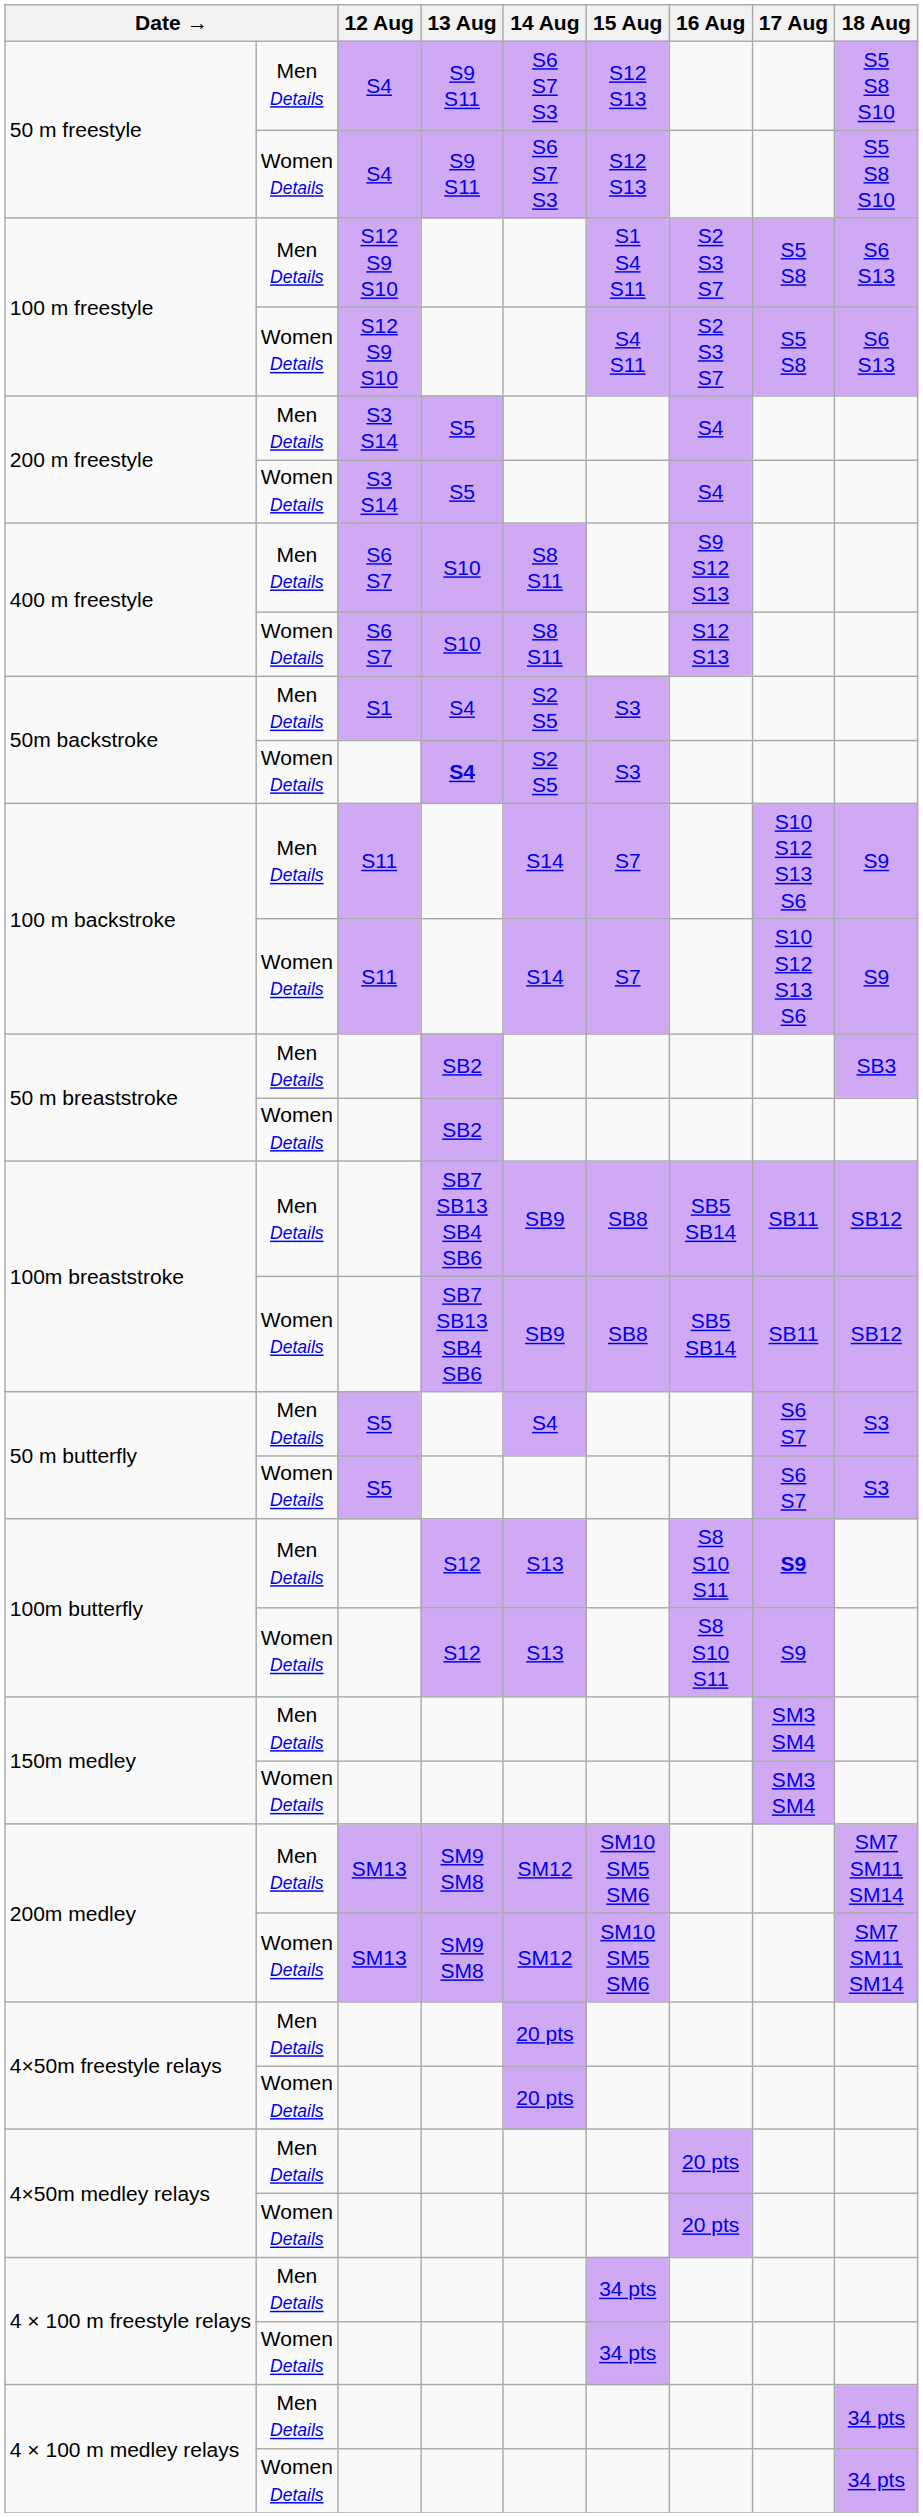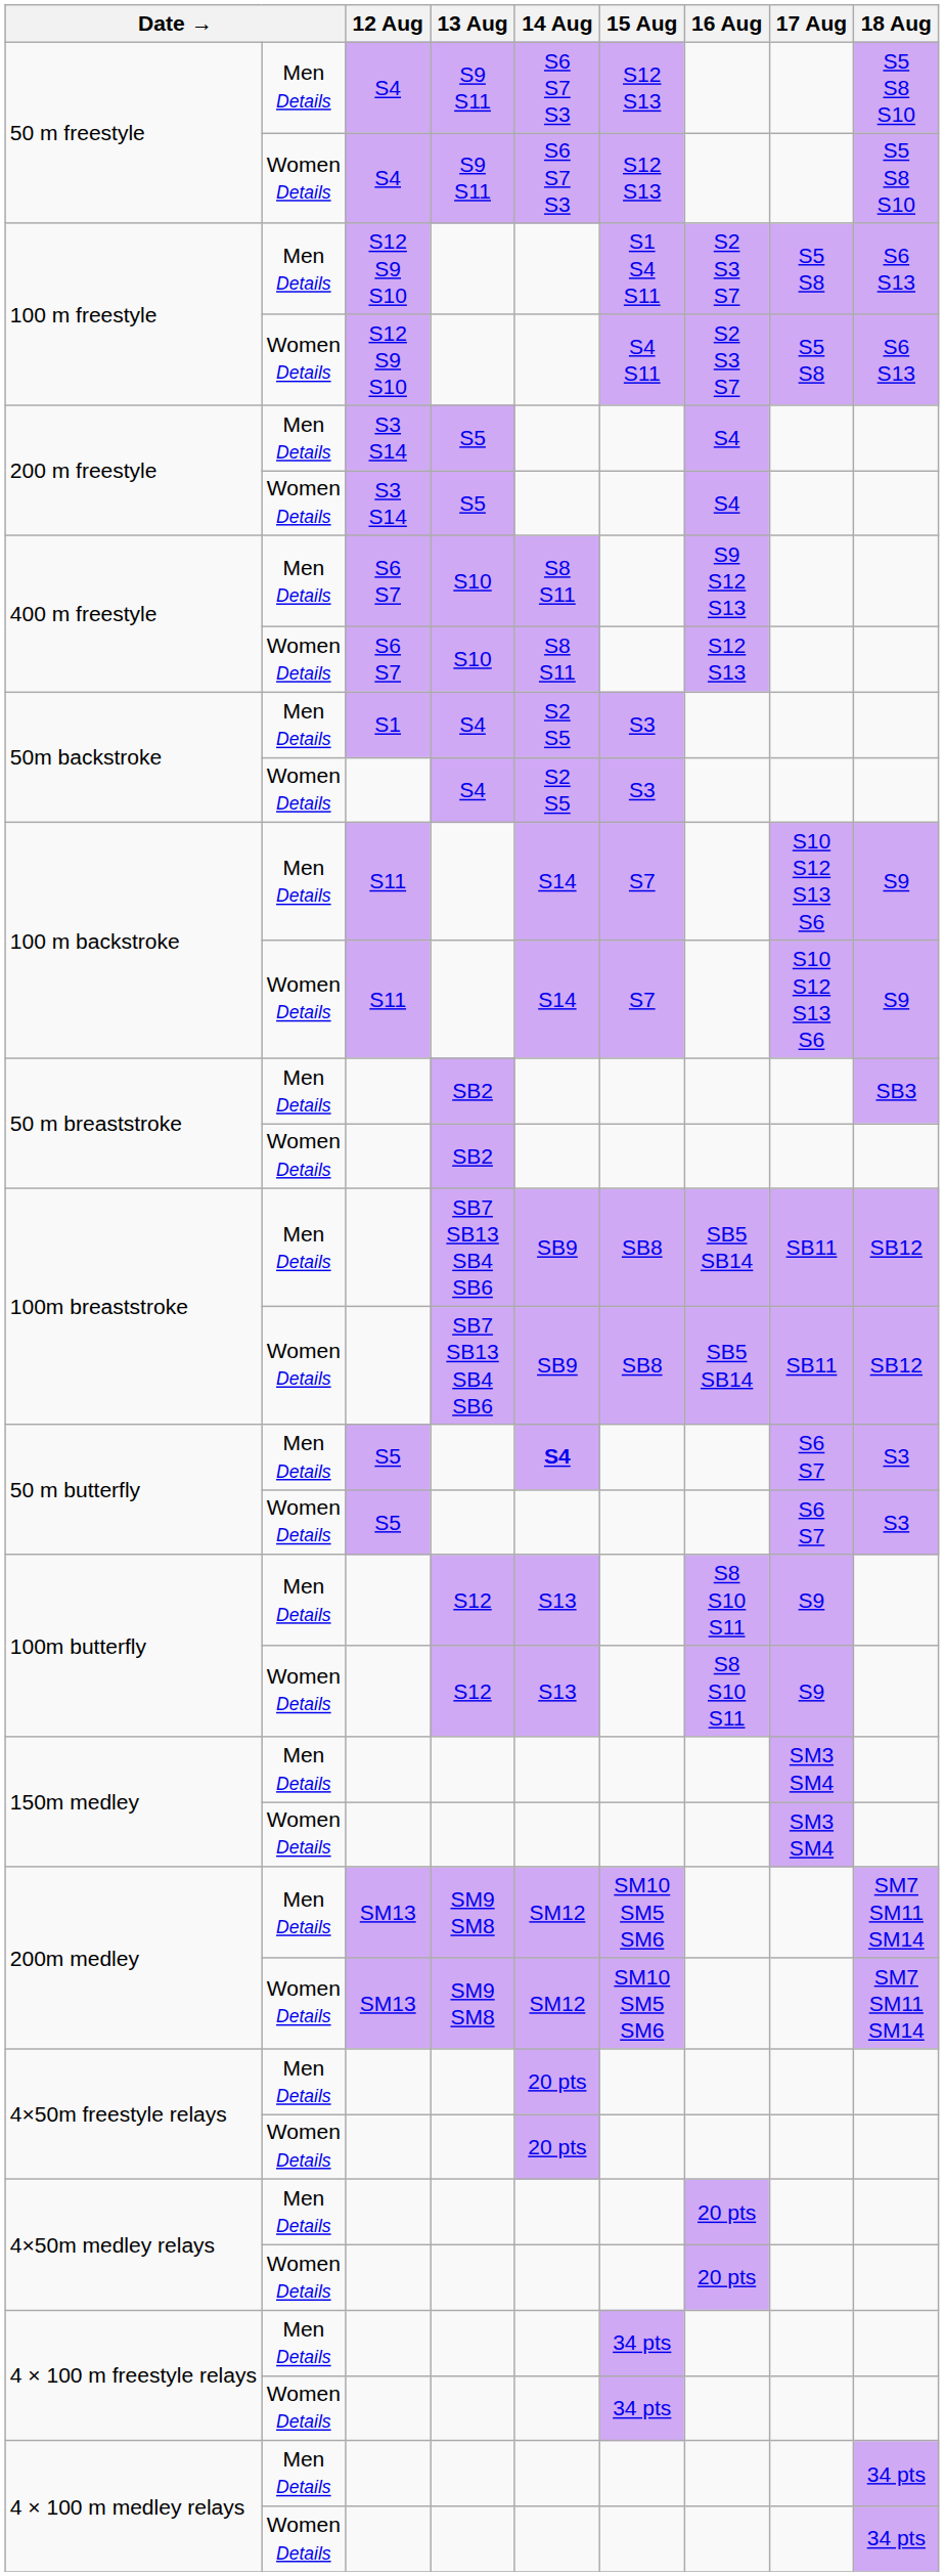 <table class="wikitable" style="margin:0.5em auto; font-size:90%; line-height:1.25em;">
 <tr align="center">
 <th colspan="2">Date →</th>
 <th width="50px">12 Aug</th>
 <th width="50px">13 Aug</th>
 <th width="50px">14 Aug</th>
 <th width="50px">15 Aug</th>
 <th width="50px">16 Aug</th>
 <th width="50px">17 Aug</th>
 <th width="50px">18 Aug</th>
 </tr>
 <tr align="center">
 <td align="left" rowspan="2">50 m freestyle</td>
 <td>Men<br><small><em><a href='#'>Details</a></em></small></td>
 <td bgcolor="#D0A9F5"><a href='#'>S4</a></td>
 <td bgcolor="#D0A9F5"><a href='#'>S9</a><br><a href='#'>S11</a></td>
 <td bgcolor="#D0A9F5"><a href='#'>S6</a><br><a href='#'>S7</a><br><a href='#'>S3</a></td>
 <td bgcolor="#D0A9F5"><a href='#'>S12</a><br><a href='#'>S13</a></td>
 <td></td>
 <td></td>
 <td bgcolor="#D0A9F5"><a href='#'>S5</a><br><a href='#'>S8</a><br><a href='#'>S10</a></td>
 </tr>
 <tr align="center">
 <td>Women<br><small><em><a href='#'>Details</a></em></small></td>
 <td bgcolor="#D0A9F5"><a href='#'>S4</a></td>
 <td bgcolor="#D0A9F5"><a href='#'>S9</a><br><a href='#'>S11</a></td>
 <td bgcolor="#D0A9F5"><a href='#'>S6</a><br><a href='#'>S7</a><br><a href='#'>S3</a></td>
 <td bgcolor="#D0A9F5"><a href='#'>S12</a><br><a href='#'>S13</a></td>
 <td></td>
 <td></td>
 <td bgcolor="#D0A9F5"><a href='#'>S5</a><br><a href='#'>S8</a><br><a href='#'>S10</a></td>
 </tr>
 <tr align="center">
 <td align="left" rowspan="2">100 m freestyle</td>
 <td>Men<br><small><em><a href='#'>Details</a></em></small></td>
 <td bgcolor="#D0A9F5"><a href='#'>S12</a><br><a href='#'>S9</a><br><a href='#'>S10</a></td>
 <td></td>
 <td></td>
 <td bgcolor="#D0A9F5"><a href='#'>S1</a><br><a href='#'>S4</a><br><a href='#'>S11</a></td>
 <td bgcolor="#D0A9F5"><a href='#'>S2</a><br><a href='#'>S3</a><br><a href='#'>S7</a></td>
 <td bgcolor="#D0A9F5"><a href='#'>S5</a><br><a href='#'>S8</a></td>
 <td bgcolor="#D0A9F5"><a href='#'>S6</a><br><a href='#'>S13</a></td>
 </tr>
 <tr align="center">
 <td>Women<br><small><em><a href='#'>Details</a></em></small></td>
 <td bgcolor="#D0A9F5"><a href='#'>S12</a><br><a href='#'>S9</a><br><a href='#'>S10</a></td>
 <td></td>
 <td></td>
 <td bgcolor="#D0A9F5"><a href='#'>S4</a><br><a href='#'>S11</a></td>
 <td bgcolor="#D0A9F5"><a href='#'>S2</a><br><a href='#'>S3</a><br><a href='#'>S7</a></td>
 <td bgcolor="#D0A9F5"><a href='#'>S5</a><br><a href='#'>S8</a></td>
 <td bgcolor="#D0A9F5"><a href='#'>S6</a><br><a href='#'>S13</a></td>
 </tr>
 <tr align="center">
 <td align="left" rowspan="2">200 m freestyle</td>
 <td>Men<br><small><em><a href='#'>Details</a></em></small></td>
 <td bgcolor="#D0A9F5"><a href='#'>S3</a><br><a href='#'>S14</a></td>
 <td bgcolor="#D0A9F5"><a href='#'>S5</a></td>
 <td></td>
 <td></td>
 <td bgcolor="#D0A9F5"><a href='#'>S4</a></td>
 <td></td>
 <td></td>
 </tr>
 <tr align="center">
 <td>Women<br><small><em><a href='#'>Details</a></em></small></td>
 <td bgcolor="#D0A9F5"><a href='#'>S3</a><br><a href='#'>S14</a></td>
 <td bgcolor="#D0A9F5"><a href='#'>S5</a></td>
 <td></td>
 <td></td>
 <td bgcolor="#D0A9F5"><a href='#'>S4</a></td>
 <td></td>
 <td></td>
 </tr>
 <tr align="center">
 <td align="left" rowspan="2">400 m freestyle</td>
 <td>Men<br><small><em><a href='#'>Details</a></em></small></td>
 <td bgcolor="#D0A9F5"><a href='#'>S6</a><br><a href='#'>S7</a></td>
 <td bgcolor="#D0A9F5"><a href='#'>S10</a></td>
 <td bgcolor="#D0A9F5"><a href='#'>S8</a><br><a href='#'>S11</a></td>
 <td></td>
 <td bgcolor="#D0A9F5"><a href='#'>S9</a><br><a href='#'>S12</a><br><a href='#'>S13</a></td>
 <td></td>
 <td></td>
 </tr>
 <tr align="center">
 <td>Women<br><small><em><a href='#'>Details</a></em></small></td>
 <td bgcolor="#D0A9F5"><a href='#'>S6</a><br><a href='#'>S7</a></td>
 <td bgcolor="#D0A9F5"><a href='#'>S10</a></td>
 <td bgcolor="#D0A9F5"><a href='#'>S8</a><br><a href='#'>S11</a></td>
 <td></td>
 <td bgcolor="#D0A9F5"><a href='#'>S12</a><br><a href='#'>S13</a></td>
 <td></td>
 <td></td>
 </tr>
 <tr align="center">
 <td align="left" rowspan="2">50m backstroke</td>
 <td>Men<br><small><em><a href='#'>Details</a></em></small></td>
 <td bgcolor="#D0A9F5"><a href='#'>S1</a></td>
 <td bgcolor="#D0A9F5"><a href='#'>S4</a></td>
 <td bgcolor="#D0A9F5"><a href='#'>S2</a><br><a href='#'>S5</a></td>
 <td bgcolor="#D0A9F5"><a href='#'>S3</a></td>
 <td></td>
 <td></td>
 <td></td>
 </tr>
 <tr align="center">
 <td>Women<br><small><em><a href='#'>Details</a></em></small></td>
 <td></td>
-<td bgcolor="#D0A9F5"><strong><a href='#'>S4</a></strong></td>
+<td bgcolor="#D0A9F5"><a href='#'>S4</a></td>
 <td bgcolor="#D0A9F5"><a href='#'>S2</a><br><a href='#'>S5</a></td>
 <td bgcolor="#D0A9F5"><a href='#'>S3</a></td>
 <td></td>
 <td></td>
 <td></td>
 </tr>
 <tr align="center">
 <td align="left" rowspan="2">100 m backstroke</td>
 <td>Men<br><small><em><a href='#'>Details</a></em></small></td>
 <td bgcolor="#D0A9F5"><a href='#'>S11</a></td>
 <td></td>
 <td bgcolor="#D0A9F5"><a href='#'>S14</a></td>
 <td bgcolor="#D0A9F5"><a href='#'>S7</a></td>
 <td></td>
 <td bgcolor="#D0A9F5"><a href='#'>S10</a><br><a href='#'>S12</a><br><a href='#'>S13</a><br><a href='#'>S6</a></td>
 <td bgcolor="#D0A9F5"><a href='#'>S9</a></td>
 </tr>
 <tr align="center">
 <td>Women<br><small><em><a href='#'>Details</a></em></small></td>
 <td bgcolor="#D0A9F5"><a href='#'>S11</a></td>
 <td></td>
 <td bgcolor="#D0A9F5"><a href='#'>S14</a></td>
 <td bgcolor="#D0A9F5"><a href='#'>S7</a></td>
 <td></td>
 <td bgcolor="#D0A9F5"><a href='#'>S10</a><br><a href='#'>S12</a><br><a href='#'>S13</a><br><a href='#'>S6</a></td>
 <td bgcolor="#D0A9F5"><a href='#'>S9</a></td>
 </tr>
 <tr align="center">
 <td align="left" rowspan="2">50 m breaststroke</td>
 <td>Men<br><small><em><a href='#'>Details</a></em></small></td>
 <td></td>
 <td bgcolor="#D0A9F5"><a href='#'>SB2</a></td>
 <td></td>
 <td></td>
 <td></td>
 <td></td>
 <td bgcolor="#D0A9F5"><a href='#'>SB3</a></td>
 </tr>
 <tr align="center">
 <td>Women<br><small><em><a href='#'>Details</a></em></small></td>
 <td></td>
 <td bgcolor="#D0A9F5"><a href='#'>SB2</a></td>
 <td></td>
 <td></td>
 <td></td>
 <td></td>
 <td></td>
 </tr>
 <tr align="center">
 <td align="left" rowspan="2">100m breaststroke</td>
 <td>Men<br><small><em><a href='#'>Details</a></em></small></td>
 <td></td>
 <td bgcolor="#D0A9F5"><a href='#'>SB7</a><br><a href='#'>SB13</a><br><a href='#'>SB4</a><br><a href='#'>SB6</a></td>
 <td bgcolor="#D0A9F5"><a href='#'>SB9</a></td>
 <td bgcolor="#D0A9F5"><a href='#'>SB8</a></td>
 <td bgcolor="#D0A9F5"><a href='#'>SB5</a><br><a href='#'>SB14</a></td>
 <td bgcolor="#D0A9F5"><a href='#'>SB11</a></td>
 <td bgcolor="#D0A9F5"><a href='#'>SB12</a></td>
 </tr>
 <tr align="center">
 <td>Women<br><small><em><a href='#'>Details</a></em></small></td>
 <td></td>
 <td bgcolor="#D0A9F5"><a href='#'>SB7</a><br><a href='#'>SB13</a><br><a href='#'>SB4</a><br><a href='#'>SB6</a></td>
 <td bgcolor="#D0A9F5"><a href='#'>SB9</a></td>
 <td bgcolor="#D0A9F5"><a href='#'>SB8</a></td>
 <td bgcolor="#D0A9F5"><a href='#'>SB5</a><br><a href='#'>SB14</a></td>
 <td bgcolor="#D0A9F5"><a href='#'>SB11</a></td>
 <td bgcolor="#D0A9F5"><a href='#'>SB12</a></td>
 </tr>
 <tr align="center">
 <td align="left" rowspan="2">50 m butterfly</td>
 <td>Men<br><small><em><a href='#'>Details</a></em></small></td>
 <td bgcolor="#D0A9F5"><a href='#'>S5</a></td>
 <td></td>
-<td bgcolor="#D0A9F5"><a href='#'>S4</a></td>
+<td bgcolor="#D0A9F5"><strong><a href='#'>S4</a></strong></td>
 <td></td>
 <td></td>
 <td bgcolor="#D0A9F5"><a href='#'>S6</a><br><a href='#'>S7</a></td>
 <td bgcolor="#D0A9F5"><a href='#'>S3</a></td>
 </tr>
 <tr align="center">
 <td>Women<br><small><em><a href='#'>Details</a></em></small></td>
 <td bgcolor="#D0A9F5"><a href='#'>S5</a></td>
 <td></td>
 <td></td>
 <td></td>
 <td></td>
 <td bgcolor="#D0A9F5"><a href='#'>S6</a><br><a href='#'>S7</a></td>
 <td bgcolor="#D0A9F5"><a href='#'>S3</a></td>
 </tr>
 <tr align="center">
 <td align="left" rowspan="2">100m butterfly</td>
 <td>Men<br><small><em><a href='#'>Details</a></em></small></td>
 <td></td>
 <td bgcolor="#D0A9F5"><a href='#'>S12</a></td>
 <td bgcolor="#D0A9F5"><a href='#'>S13</a></td>
 <td></td>
 <td bgcolor="#D0A9F5"><a href='#'>S8</a><br><a href='#'>S10</a><br><a href='#'>S11</a></td>
-<td bgcolor="#D0A9F5"><strong><a href='#'>S9</a></strong></td>
+<td bgcolor="#D0A9F5"><a href='#'>S9</a></td>
 <td></td>
 </tr>
 <tr align="center">
 <td>Women<br><small><em><a href='#'>Details</a></em></small></td>
 <td></td>
 <td bgcolor="#D0A9F5"><a href='#'>S12</a></td>
 <td bgcolor="#D0A9F5"><a href='#'>S13</a></td>
 <td></td>
 <td bgcolor="#D0A9F5"><a href='#'>S8</a><br><a href='#'>S10</a><br><a href='#'>S11</a></td>
 <td bgcolor="#D0A9F5"><a href='#'>S9</a></td>
 <td></td>
 </tr>
 <tr align="center">
 <td align="left" rowspan="2">150m medley</td>
 <td>Men<br><small><em><a href='#'>Details</a></em></small></td>
 <td></td>
 <td></td>
 <td></td>
 <td></td>
 <td></td>
 <td bgcolor="#D0A9F5"><a href='#'>SM3</a><br><a href='#'>SM4</a></td>
 <td></td>
 </tr>
 <tr align="center">
 <td>Women<br><small><em><a href='#'>Details</a></em></small></td>
 <td></td>
 <td></td>
 <td></td>
 <td></td>
 <td></td>
 <td bgcolor="#D0A9F5"><a href='#'>SM3</a><br><a href='#'>SM4</a></td>
 <td></td>
 </tr>
 <tr align="center">
 <td align="left" rowspan="2">200m medley</td>
 <td>Men<br><small><em><a href='#'>Details</a></em></small></td>
 <td bgcolor="#D0A9F5"><a href='#'>SM13</a></td>
 <td bgcolor="#D0A9F5"><a href='#'>SM9</a><br><a href='#'>SM8</a></td>
 <td bgcolor="#D0A9F5"><a href='#'>SM12</a></td>
 <td bgcolor="#D0A9F5"><a href='#'>SM10</a><br><a href='#'>SM5</a><br><a href='#'>SM6</a></td>
 <td></td>
 <td></td>
 <td bgcolor="#D0A9F5"><a href='#'>SM7</a><br><a href='#'>SM11</a><br><a href='#'>SM14</a></td>
 </tr>
 <tr align="center">
 <td>Women<br><small><em><a href='#'>Details</a></em></small></td>
 <td bgcolor="#D0A9F5"><a href='#'>SM13</a></td>
 <td bgcolor="#D0A9F5"><a href='#'>SM9</a><br><a href='#'>SM8</a></td>
 <td bgcolor="#D0A9F5"><a href='#'>SM12</a></td>
 <td bgcolor="#D0A9F5"><a href='#'>SM10</a><br><a href='#'>SM5</a><br><a href='#'>SM6</a></td>
 <td></td>
 <td></td>
 <td bgcolor="#D0A9F5"><a href='#'>SM7</a><br><a href='#'>SM11</a><br><a href='#'>SM14</a></td>
 </tr>
 <tr align="center">
 <td align="left" rowspan="2">4×50m freestyle relays</td>
 <td>Men<br><small><em><a href='#'>Details</a></em></small></td>
 <td></td>
 <td></td>
 <td bgcolor="#D0A9F5"><a href='#'>20 pts</a></td>
 <td></td>
 <td></td>
 <td></td>
 <td></td>
 </tr>
 <tr align="center">
 <td>Women<br><small><em><a href='#'>Details</a></em></small></td>
 <td></td>
 <td></td>
 <td bgcolor="#D0A9F5"><a href='#'>20 pts</a></td>
 <td></td>
 <td></td>
 <td></td>
 <td></td>
 </tr>
 <tr align="center">
 <td align="left" rowspan="2">4×50m medley relays</td>
 <td>Men<br><small><em><a href='#'>Details</a></em></small></td>
 <td></td>
 <td></td>
 <td></td>
 <td></td>
 <td bgcolor="#D0A9F5"><a href='#'>20 pts</a></td>
 <td></td>
 <td></td>
 </tr>
 <tr align="center">
 <td>Women<br><small><em><a href='#'>Details</a></em></small></td>
 <td></td>
 <td></td>
 <td></td>
 <td></td>
 <td bgcolor="#D0A9F5"><a href='#'>20 pts</a></td>
 <td></td>
 <td></td>
 </tr>
 <tr align="center">
 <td align="left" rowspan="2">4 × 100 m freestyle relays</td>
 <td>Men<br><small><em><a href='#'>Details</a></em></small></td>
 <td></td>
 <td></td>
 <td></td>
 <td bgcolor="#D0A9F5"><a href='#'>34 pts</a></td>
 <td></td>
 <td></td>
 <td></td>
 </tr>
 <tr align="center">
 <td>Women<br><small><em><a href='#'>Details</a></em></small></td>
 <td></td>
 <td></td>
 <td></td>
 <td bgcolor="#D0A9F5"><a href='#'>34 pts</a></td>
 <td></td>
 <td></td>
 <td></td>
 </tr>
 <tr align="center">
 <td align="left" rowspan="2">4 × 100 m medley relays</td>
 <td>Men<br><small><em><a href='#'>Details</a></em></small></td>
 <td></td>
 <td></td>
 <td></td>
 <td></td>
 <td></td>
 <td></td>
 <td bgcolor="#D0A9F5"><a href='#'>34 pts</a></td>
 </tr>
 <tr align="center">
 <td>Women<br><small><em><a href='#'>Details</a></em></small></td>
 <td></td>
 <td></td>
 <td></td>
 <td></td>
 <td></td>
 <td></td>
 <td bgcolor="#D0A9F5"><a href='#'>34 pts</a></td>
 </tr>
 </table>
